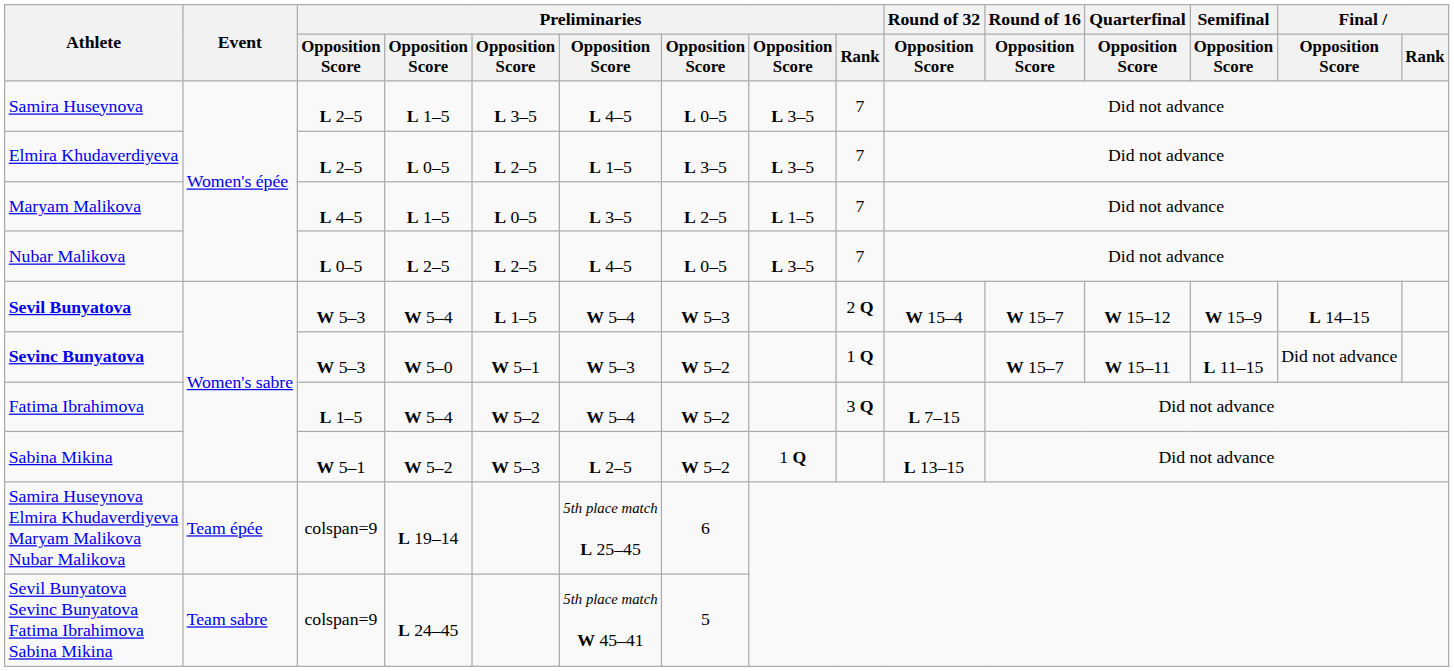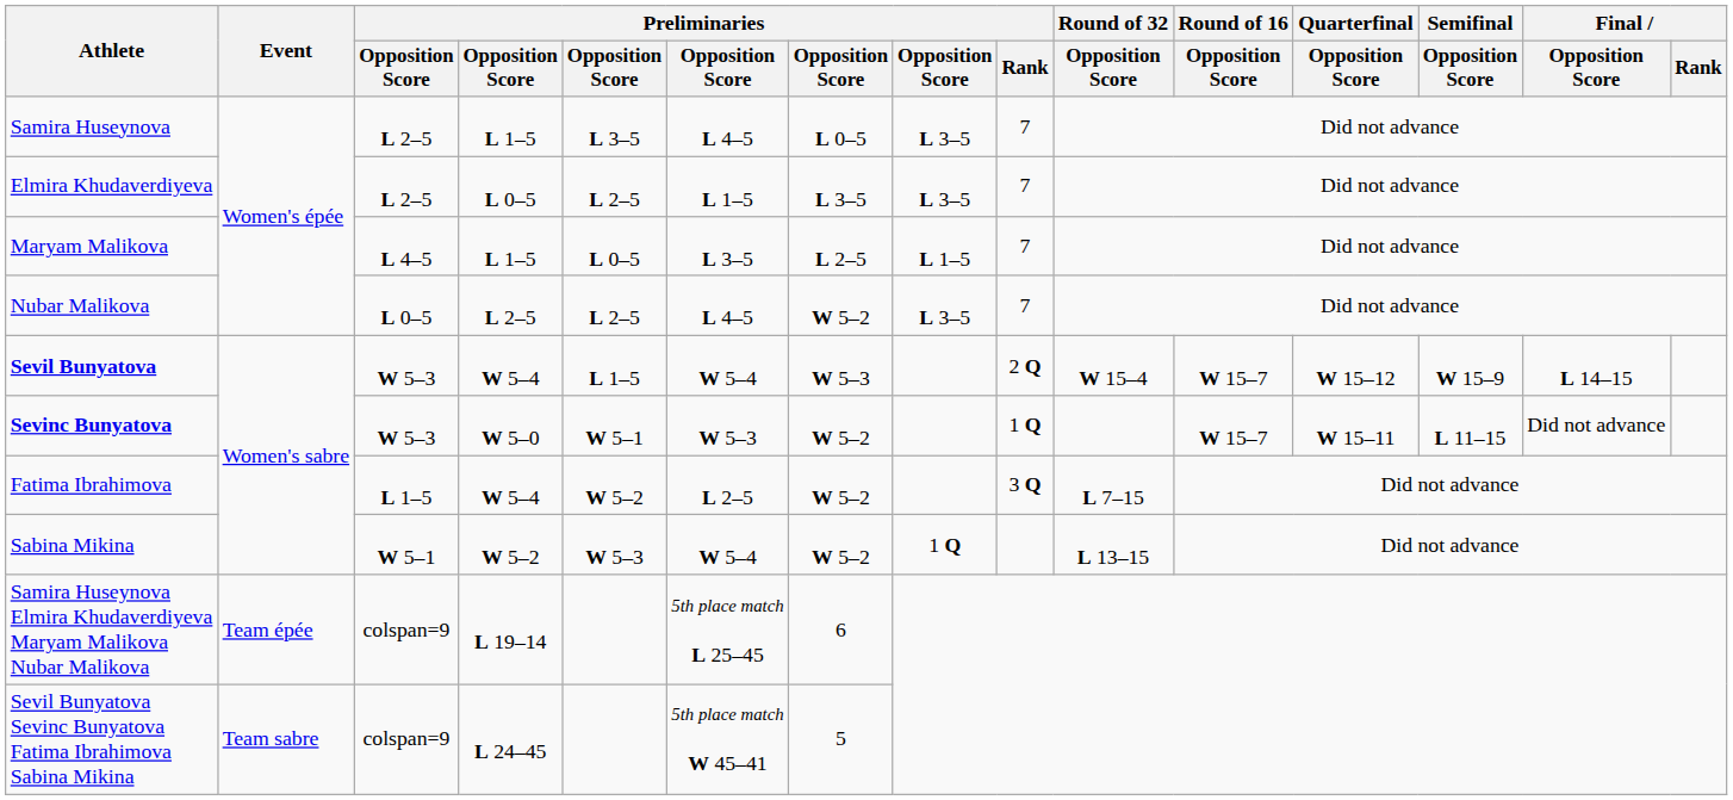 <table class="wikitable" style="font-size:90%">
 <tr>
 <th rowspan="2">Athlete</th>
 <th rowspan="2">Event</th>
 <th colspan="7">Preliminaries</th>
 <th>Round of 32</th>
 <th>Round of 16</th>
 <th>Quarterfinal</th>
 <th>Semifinal</th>
 <th colspan=2>Final / </th>
 </tr>
 <tr style="font-size:95%">
 <th>Opposition <br> Score</th>
 <th>Opposition <br> Score</th>
 <th>Opposition <br> Score</th>
 <th>Opposition <br> Score</th>
 <th>Opposition <br> Score</th>
 <th>Opposition <br> Score</th>
 <th>Rank</th>
 <th>Opposition <br> Score</th>
 <th>Opposition <br> Score</th>
 <th>Opposition <br> Score</th>
 <th>Opposition <br> Score</th>
 <th>Opposition <br> Score</th>
 <th>Rank</th>
 </tr>
 <tr align=center>
 <td align=left><a href='#'>Samira Huseynova</a></td>
 <td align=left rowspan=4><a href='#'>Women's épée</a></td>
 <td><br><strong>L</strong> 2–5</td>
 <td><br><strong>L</strong> 1–5</td>
 <td><br><strong>L</strong> 3–5</td>
 <td><br><strong>L</strong> 4–5</td>
 <td><br><strong>L</strong> 0–5</td>
 <td><br><strong>L</strong> 3–5</td>
 <td>7</td>
 <td colspan=6>Did not advance</td>
 </tr>
 <tr align=center>
 <td align=left><a href='#'>Elmira Khudaverdiyeva</a></td>
 <td><br><strong>L</strong> 2–5</td>
 <td><br><strong>L</strong> 0–5</td>
 <td><br><strong>L</strong> 2–5</td>
 <td><br><strong>L</strong> 1–5</td>
 <td><br><strong>L</strong> 3–5</td>
 <td><br><strong>L</strong> 3–5</td>
 <td>7</td>
 <td colspan=6>Did not advance</td>
 </tr>
 <tr align=center>
 <td align=left><a href='#'>Maryam Malikova</a></td>
 <td><br><strong>L</strong> 4–5</td>
 <td><br><strong>L</strong> 1–5</td>
 <td><br><strong>L</strong> 0–5</td>
 <td><br><strong>L</strong> 3–5</td>
 <td><br><strong>L</strong> 2–5</td>
 <td><br><strong>L</strong> 1–5</td>
 <td>7</td>
 <td colspan=6>Did not advance</td>
 </tr>
 <tr align=center>
 <td align=left><a href='#'>Nubar Malikova</a></td>
 <td><br><strong>L</strong> 0–5</td>
 <td><br><strong>L</strong> 2–5</td>
 <td><br><strong>L</strong> 2–5</td>
 <td><br><strong>L</strong> 4–5</td>
-<td><br><strong>L</strong> 0–5</td>
+<td><br><strong>W</strong> 5–2</td>
 <td><br><strong>L</strong> 3–5</td>
 <td>7</td>
 <td colspan=6>Did not advance</td>
 </tr>
 <tr align=center>
 <td align=left><strong><a href='#'>Sevil Bunyatova</a></strong></td>
 <td align=left rowspan=4><a href='#'>Women's sabre</a></td>
 <td><br><strong>W</strong> 5–3</td>
 <td><br><strong>W</strong> 5–4</td>
 <td><br><strong>L</strong> 1–5</td>
 <td><br><strong>W</strong> 5–4</td>
 <td><br><strong>W</strong> 5–3</td>
 <td></td>
 <td>2 <strong>Q</strong></td>
 <td><br><strong>W</strong> 15–4</td>
 <td><br><strong>W</strong> 15–7</td>
 <td><br><strong>W</strong> 15–12</td>
 <td><br><strong>W</strong> 15–9</td>
 <td><br><strong>L</strong> 14–15</td>
 <td></td>
 </tr>
 <tr align=center>
 <td align=left><strong><a href='#'>Sevinc Bunyatova</a></strong></td>
 <td><br><strong>W</strong> 5–3</td>
 <td><br><strong>W</strong> 5–0</td>
 <td><br><strong>W</strong> 5–1</td>
 <td><br><strong>W</strong> 5–3</td>
 <td><br><strong>W</strong> 5–2</td>
 <td></td>
 <td>1 <strong>Q</strong></td>
 <td></td>
 <td><br><strong>W</strong> 15–7</td>
 <td><br><strong>W</strong> 15–11</td>
 <td><br><strong>L</strong> 11–15</td>
 <td>Did not advance</td>
 <td></td>
 </tr>
 <tr align=center>
 <td align=left><a href='#'>Fatima Ibrahimova</a></td>
 <td><br><strong>L</strong> 1–5</td>
 <td><br><strong>W</strong> 5–4</td>
 <td><br><strong>W</strong> 5–2</td>
-<td><br><strong>W</strong> 5–4</td>
+<td><br><strong>L</strong> 2–5</td>
 <td><br><strong>W</strong> 5–2</td>
 <td></td>
 <td>3 <strong>Q</strong></td>
 <td><br><strong>L</strong> 7–15</td>
 <td colspan=5>Did not advance</td>
 </tr>
 <tr align=center>
 <td align=left><a href='#'>Sabina Mikina</a></td>
 <td><br><strong>W</strong> 5–1</td>
 <td><br><strong>W</strong> 5–2</td>
 <td><br><strong>W</strong> 5–3</td>
-<td><br><strong>L</strong> 2–5</td>
+<td><br><strong>W</strong> 5–4</td>
 <td><br><strong>W</strong> 5–2</td>
 <td>1 <strong>Q</strong></td>
 <td></td>
 <td><br><strong>L</strong> 13–15</td>
 <td colspan=5>Did not advance</td>
 </tr>
 <tr align=center>
 <td align=left><a href='#'>Samira Huseynova</a><br><a href='#'>Elmira Khudaverdiyeva</a><br><a href='#'>Maryam Malikova</a><br><a href='#'>Nubar Malikova</a></td>
 <td align=left><a href='#'>Team épée</a></td>
 <td>colspan=9 </td>
 <td><br><strong>L</strong> 19–14</td>
 <td></td>
 <td><small><em>5th place match</em></small><br><br><strong>L</strong> 25–45</td>
 <td>6</td>
 </tr>
 <tr align=center>
 <td align=left><a href='#'>Sevil Bunyatova</a><br><a href='#'>Sevinc Bunyatova</a><br><a href='#'>Fatima Ibrahimova</a><br><a href='#'>Sabina Mikina</a></td>
 <td align=left><a href='#'>Team sabre</a></td>
 <td>colspan=9 </td>
 <td><br><strong>L</strong> 24–45</td>
 <td></td>
 <td><small><em>5th place match</em></small><br><br><strong>W</strong> 45–41</td>
 <td>5</td>
 </tr>
 </table>
